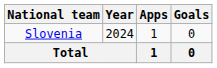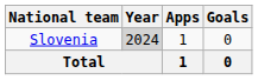 <table class="wikitable" style="text-align:center">
 <tr>
 <th>National team</th>
 <th>Year</th>
 <th>Apps</th>
 <th>Goals</th>
 </tr>
 <tr>
 <td><a href='#'>Slovenia</a></td>
-<td>2024</td>
+<td style="background: lightgrey;">2024</td>
 <td>1</td>
 <td>0</td>
 </tr>
 <tr>
 <th colspan="2">Total</th>
 <th>1</th>
 <th>0</th>
 </tr>
 </table>
